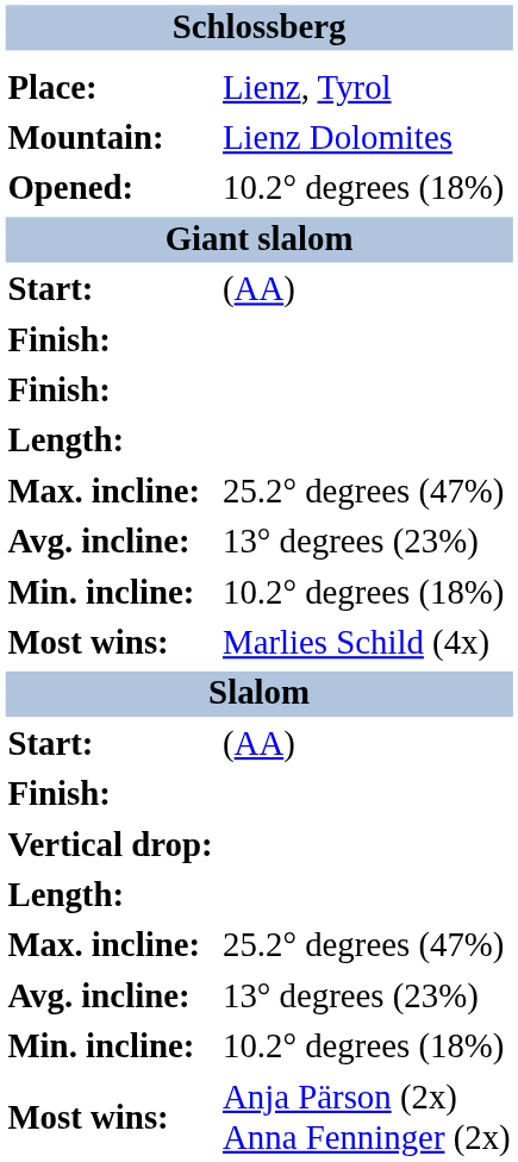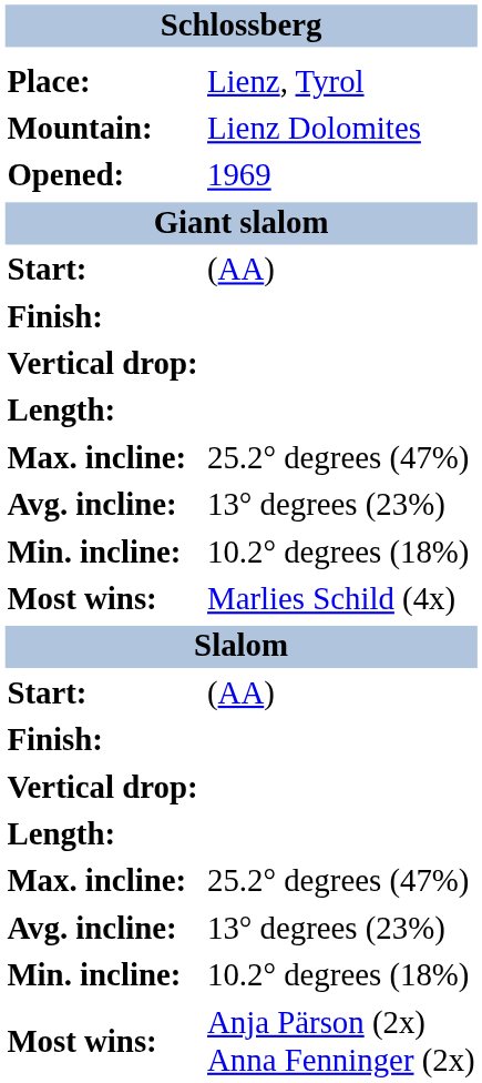 <table border=0 class="toccolours float-right" align="right" style="margin:0 0 0.5em 1em; font-size: 85%;">
 <tr>
 <th bgcolor=#b0c4de colspan=2 align="center">Schlossberg</th>
 </tr>
 <tr>
 <td align="center" colspan=2></td>
 </tr>
 <tr>
 <td><strong>Place:</strong></td>
 <td> <a href='#'>Lienz</a>, <a href='#'>Tyrol</a></td>
 </tr>
 <tr>
 <td><strong>Mountain:</strong></td>
 <td><a href='#'>Lienz Dolomites</a></td>
 </tr>
 <tr>
 <td><strong>Opened:</strong></td>
-<td>10.2° degrees (18%)</td>
+<td><a href='#'>1969</a></td>
 </tr>
 <tr>
 <th bgcolor=#b0c4de colspan=2 align="center">Giant slalom</th>
 </tr>
 <tr>
 <td><strong>Start:</strong></td>
 <td> (<a href='#'>AA</a>)</td>
 </tr>
 <tr>
 <td><strong>Finish:</strong></td>
 <td></td>
 </tr>
 <tr>
-<td><strong>Finish:</strong></td>
+<td><strong>Vertical drop:</strong></td>
 <td></td>
 </tr>
 <tr>
 <td><strong>Length:</strong></td>
 <td></td>
 </tr>
 <tr>
 <td><strong>Max. incline:</strong></td>
 <td>25.2° degrees (47%)</td>
 </tr>
 <tr>
 <td><strong>Avg. incline:</strong></td>
 <td>13° degrees (23%)</td>
 </tr>
 <tr>
 <td><strong>Min. incline:</strong></td>
 <td>10.2° degrees (18%)</td>
 </tr>
 <tr>
 <td><strong>Most wins:</strong></td>
 <td> <a href='#'>Marlies Schild</a> (4x)</td>
 </tr>
 <tr>
 <th bgcolor=#b0c4de colspan=2 align="center">Slalom</th>
 </tr>
 <tr>
 <td><strong>Start:</strong></td>
 <td> (<a href='#'>AA</a>)</td>
 </tr>
 <tr>
 <td><strong>Finish:</strong></td>
 <td></td>
 </tr>
 <tr>
 <td><strong>Vertical drop:</strong></td>
 <td></td>
 </tr>
 <tr>
 <td><strong>Length:</strong></td>
 <td></td>
 </tr>
 <tr>
 <td><strong>Max. incline:</strong></td>
 <td>25.2° degrees (47%)</td>
 </tr>
 <tr>
 <td><strong>Avg. incline:</strong></td>
 <td>13° degrees (23%)</td>
 </tr>
 <tr>
 <td><strong>Min. incline:</strong></td>
 <td>10.2° degrees (18%)</td>
 </tr>
 <tr>
 <td><strong>Most wins:</strong></td>
 <td> <a href='#'>Anja Pärson</a> (2x)<br> <a href='#'>Anna Fenninger</a> (2x)</td>
 </tr>
 </table>
